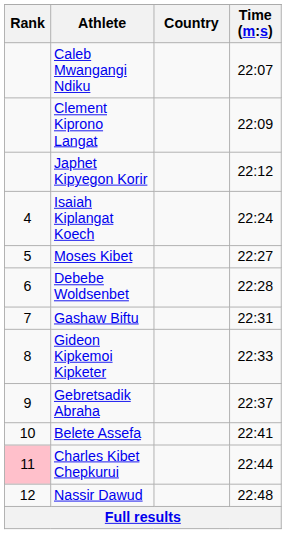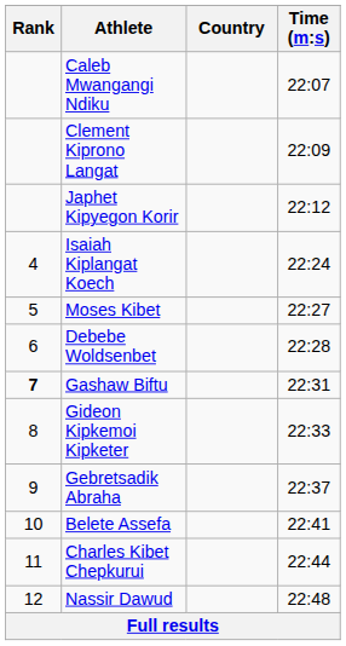 <table class="wikitable" width=50%>
 <tr>
 </tr>
 <tr>
 <th width=5%>Rank</th>
 <th width=20%>Athlete</th>
 <th width=15%>Country</th>
 <th width=10%>Time (<a href='#'>m</a>:<a href='#'>s</a>)</th>
 </tr>
 <tr align="center">
 <td></td>
 <td align="left"><a href='#'>Caleb Mwangangi Ndiku</a></td>
 <td align="left"></td>
 <td>22:07</td>
 </tr>
 <tr align="center">
 <td></td>
 <td align="left"><a href='#'>Clement Kiprono Langat</a></td>
 <td align="left"></td>
 <td>22:09</td>
 </tr>
 <tr align="center">
 <td></td>
 <td align="left"><a href='#'>Japhet Kipyegon Korir</a></td>
 <td align="left"></td>
 <td>22:12</td>
 </tr>
 <tr align="center">
 <td>4</td>
 <td align="left"><a href='#'>Isaiah Kiplangat Koech</a></td>
 <td align="left"></td>
 <td>22:24</td>
 </tr>
 <tr align="center">
 <td>5</td>
 <td align="left"><a href='#'>Moses Kibet</a></td>
 <td align="left"></td>
 <td>22:27</td>
 </tr>
 <tr align="center">
 <td>6</td>
 <td align="left"><a href='#'>Debebe Woldsenbet</a></td>
 <td align="left"></td>
 <td>22:28</td>
 </tr>
 <tr align="center">
-<td>7</td>
+<td><strong>7</strong></td>
 <td align="left"><a href='#'>Gashaw Biftu</a></td>
 <td align="left"></td>
 <td>22:31</td>
 </tr>
 <tr align="center">
 <td>8</td>
 <td align="left"><a href='#'>Gideon Kipkemoi Kipketer</a></td>
 <td align="left"></td>
 <td>22:33</td>
 </tr>
 <tr align="center">
 <td>9</td>
 <td align="left"><a href='#'>Gebretsadik Abraha</a></td>
 <td align="left"></td>
 <td>22:37</td>
 </tr>
 <tr align="center">
 <td>10</td>
 <td align="left"><a href='#'>Belete Assefa</a></td>
 <td align="left"></td>
 <td>22:41</td>
 </tr>
 <tr align="center">
-<td style="background: pink;">11</td>
+<td>11</td>
 <td align="left"><a href='#'>Charles Kibet Chepkurui</a></td>
 <td align="left"></td>
 <td>22:44</td>
 </tr>
 <tr align="center">
 <td>12</td>
 <td align="left"><a href='#'>Nassir Dawud</a></td>
 <td align="left"></td>
 <td>22:48</td>
 </tr>
 <tr class="sortbottom">
 <th colspan=4 align=center><a href='#'>Full results</a></th>
 </tr>
 </table>
